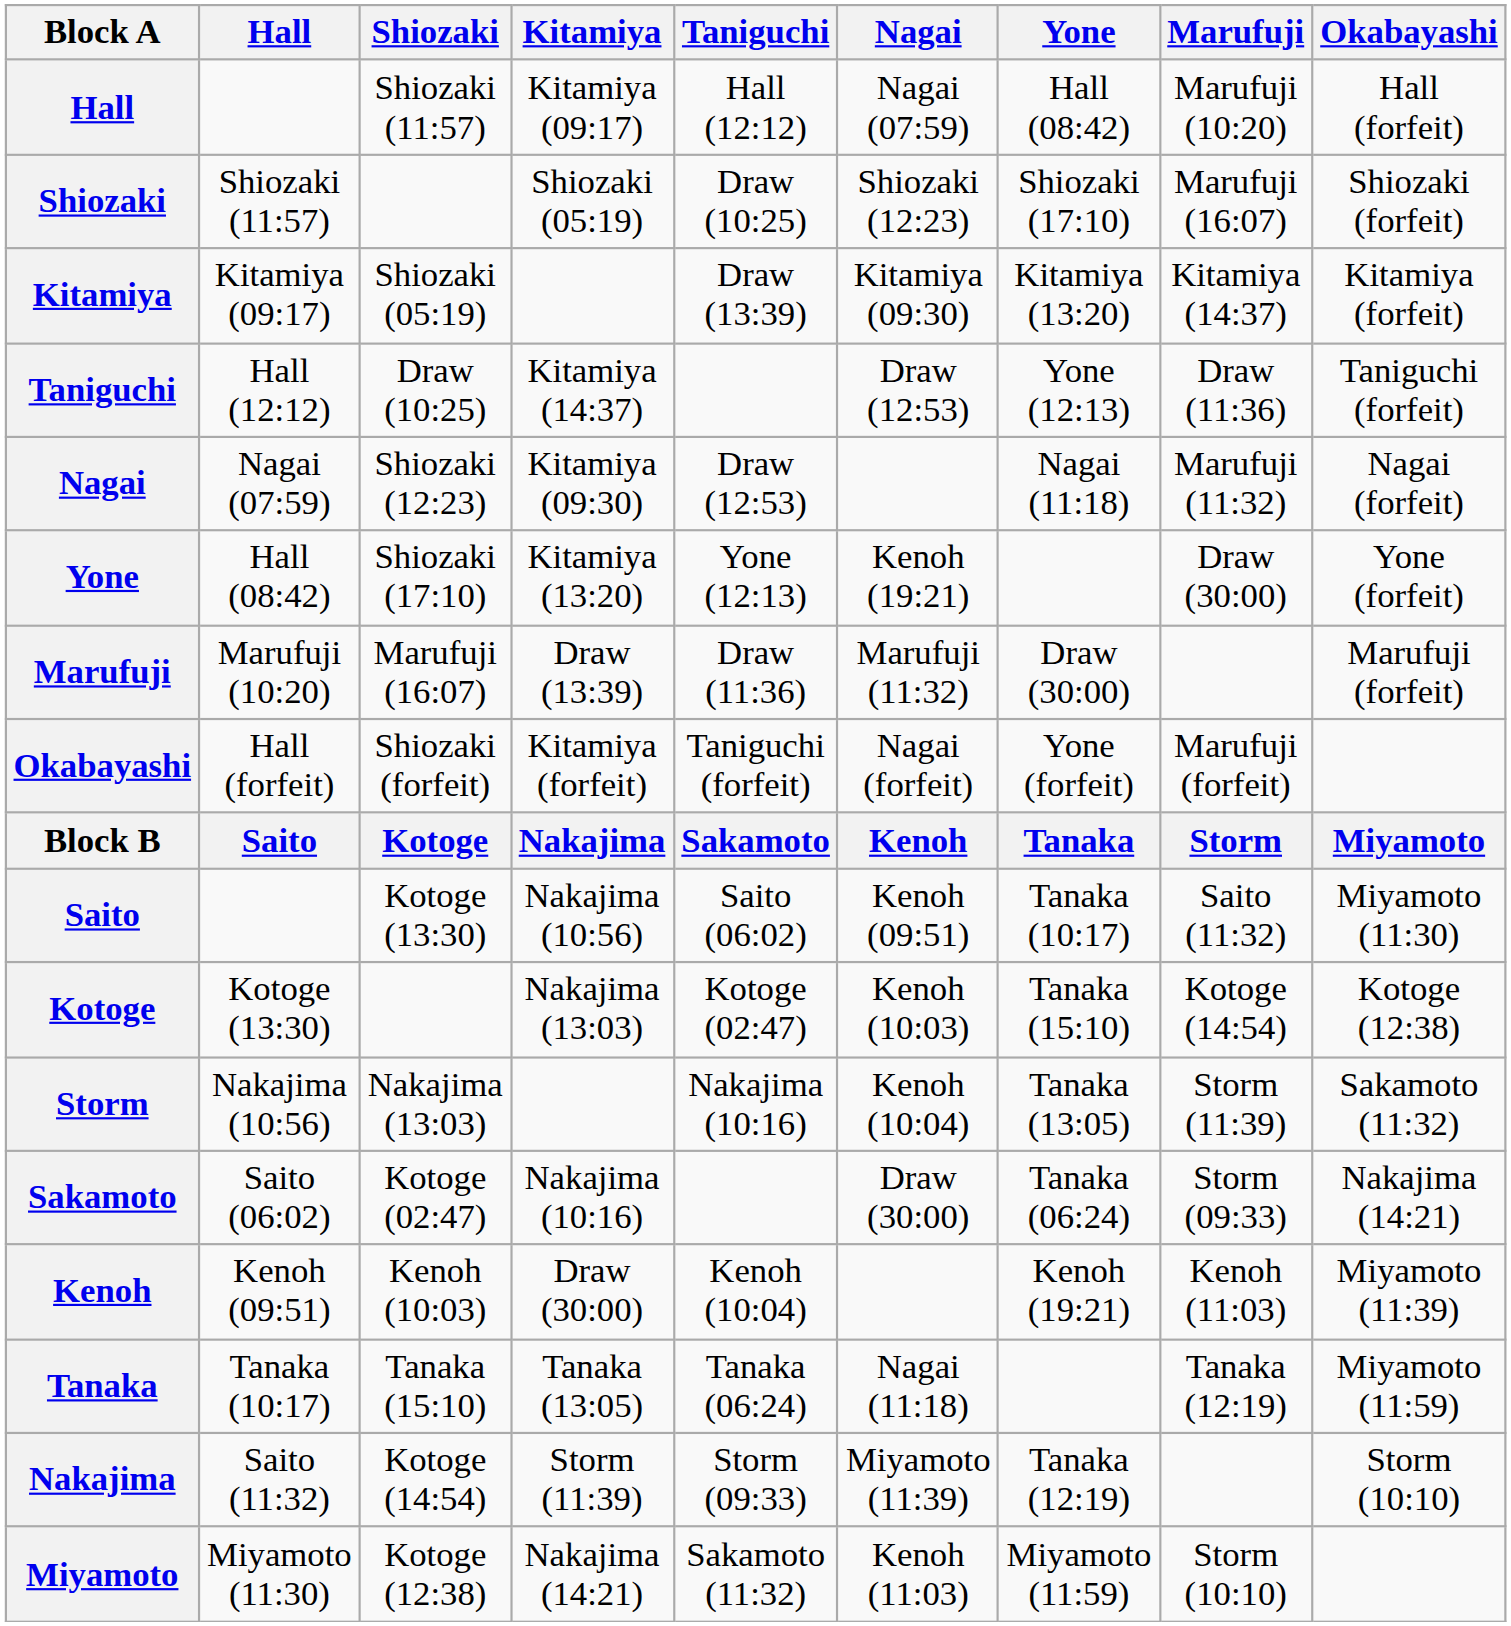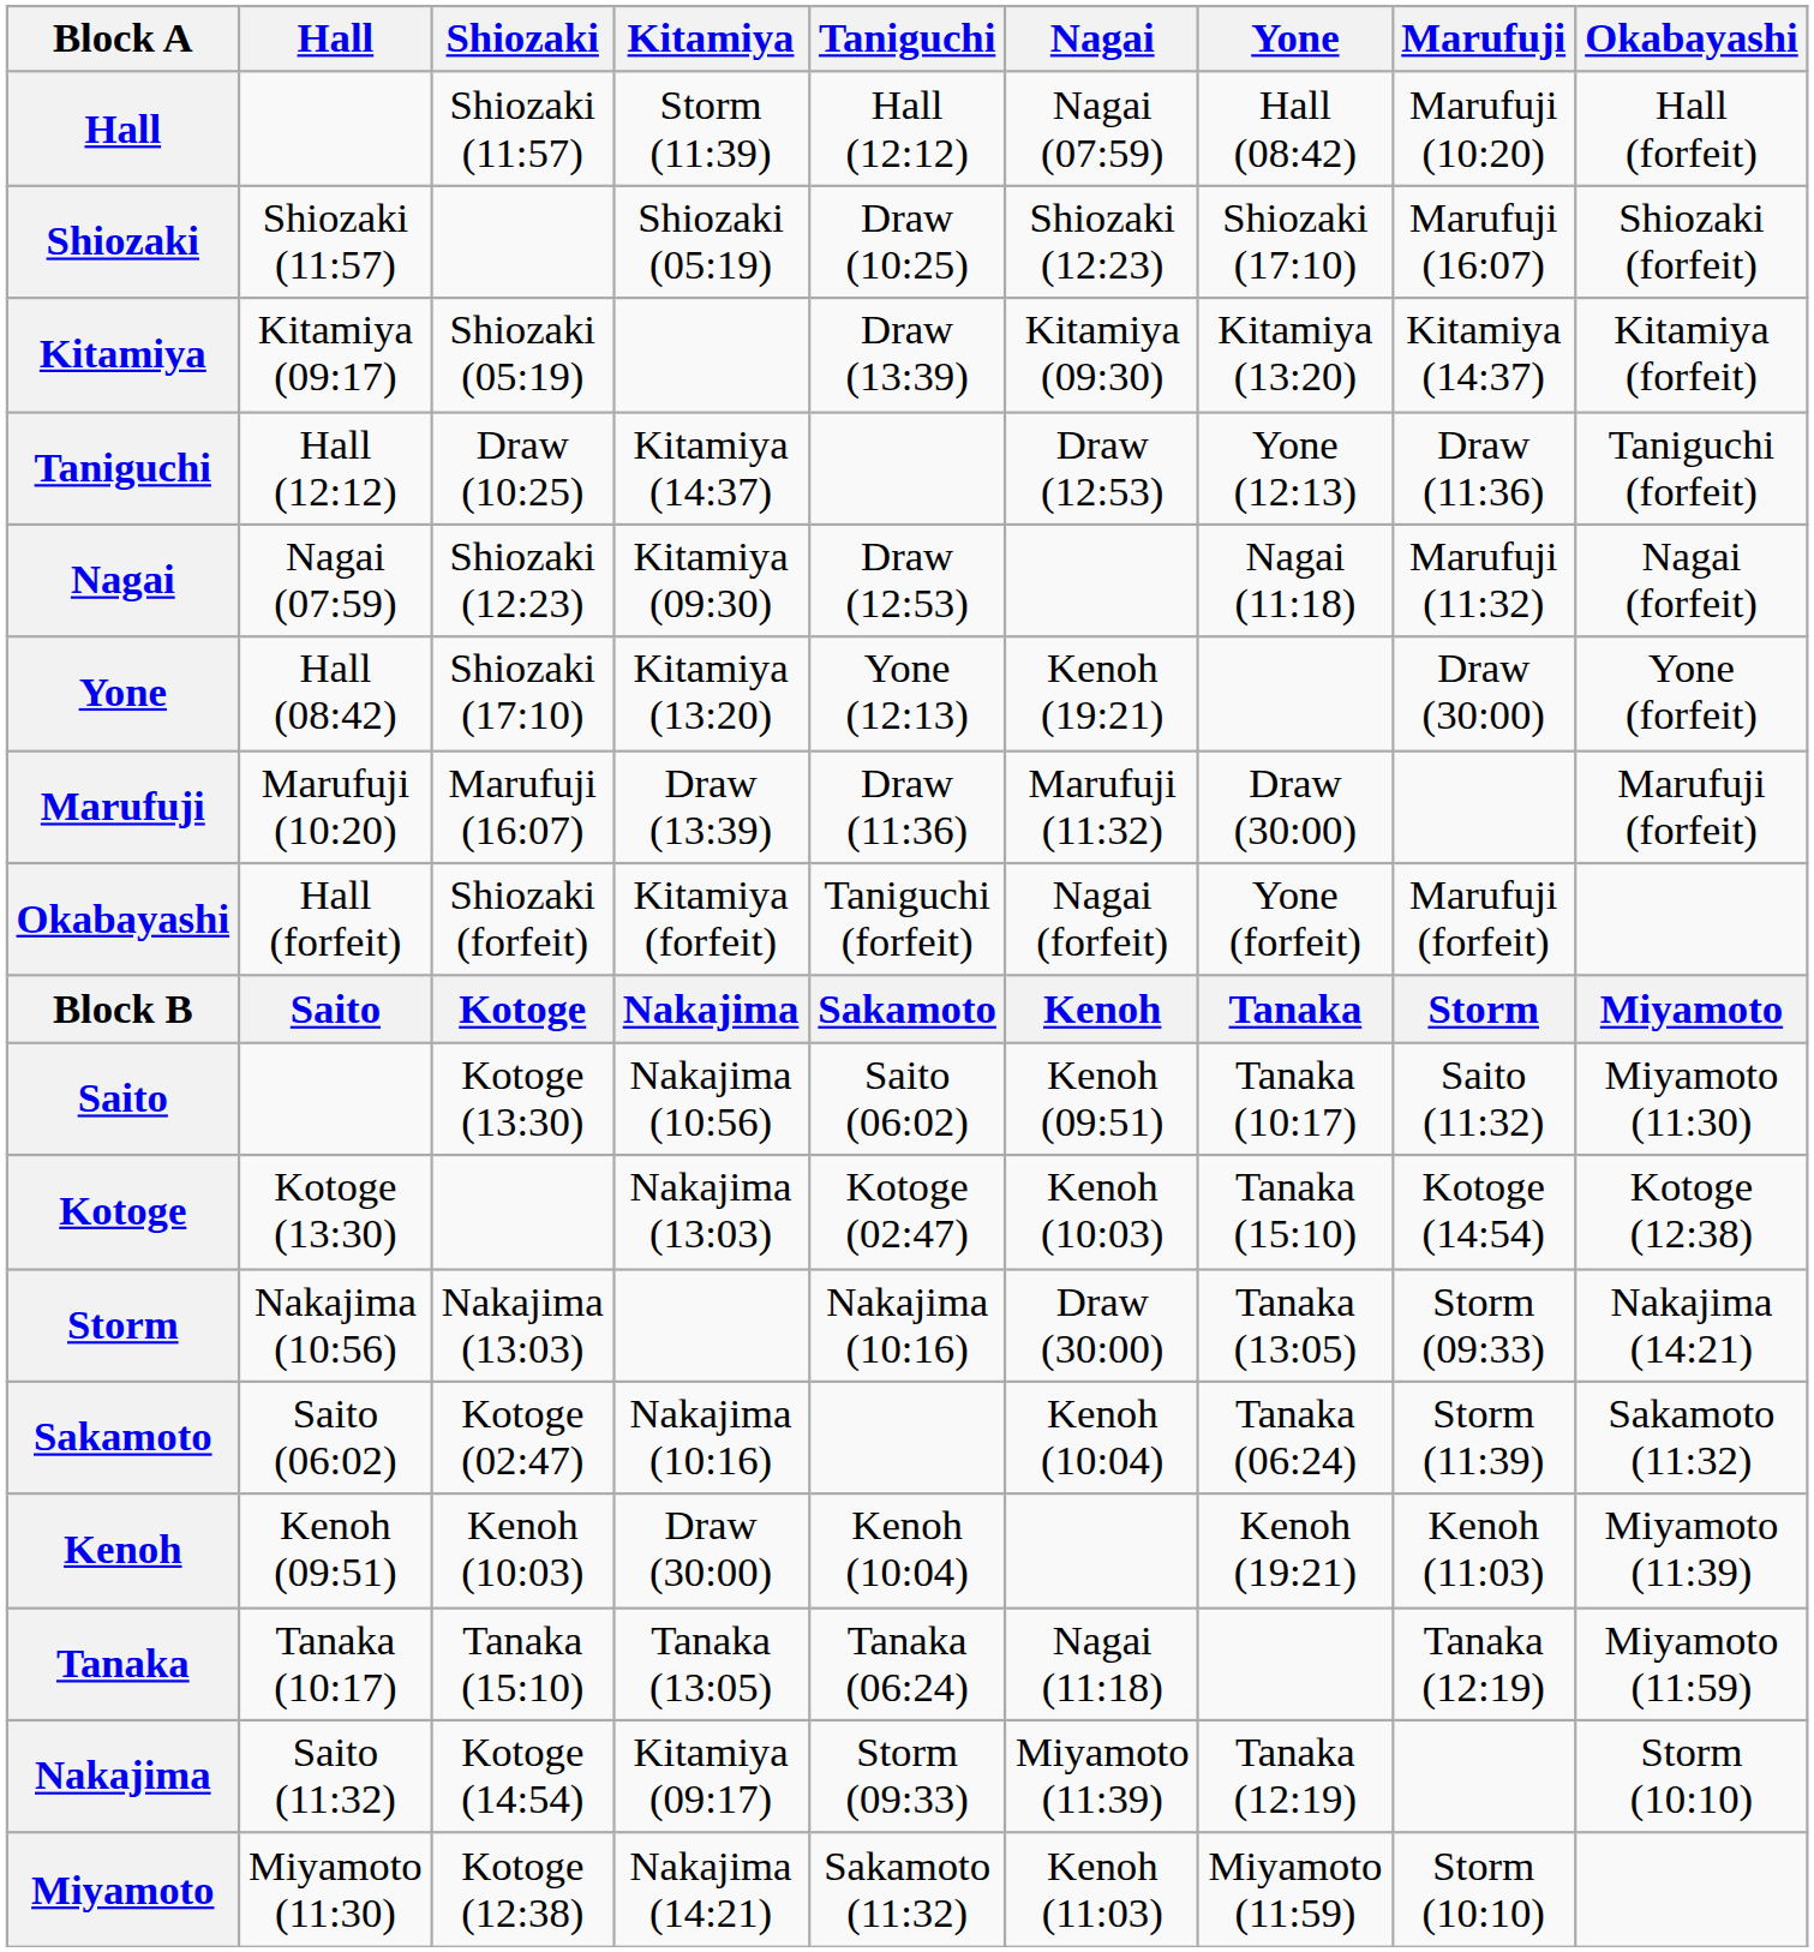 <table class="wikitable" style="margin: 1em auto 1em auto;text-align:center">
 <tr>
 <th>Block A</th>
 <th><a href='#'>Hall</a></th>
 <th><a href='#'>Shiozaki</a></th>
 <th><a href='#'>Kitamiya</a></th>
 <th><a href='#'>Taniguchi</a></th>
 <th><a href='#'>Nagai</a></th>
 <th><a href='#'>Yone</a></th>
 <th><a href='#'>Marufuji</a></th>
 <th><a href='#'>Okabayashi</a></th>
 </tr>
 <tr>
 <th><a href='#'>Hall</a></th>
 <td></td>
 <td>Shiozaki<br>(11:57)</td>
-<td>Kitamiya<br>(09:17)</td>
+<td>Storm<br>(11:39)</td>
 <td>Hall<br>(12:12)</td>
 <td>Nagai<br>(07:59)</td>
 <td>Hall<br>(08:42)</td>
 <td>Marufuji<br>(10:20)</td>
 <td>Hall<br>(forfeit)</td>
 </tr>
 <tr>
 <th><a href='#'>Shiozaki</a></th>
 <td>Shiozaki<br>(11:57)</td>
 <td></td>
 <td>Shiozaki<br>(05:19)</td>
 <td>Draw<br>(10:25)</td>
 <td>Shiozaki<br>(12:23)</td>
 <td>Shiozaki<br>(17:10)</td>
 <td>Marufuji<br>(16:07)</td>
 <td>Shiozaki<br>(forfeit)</td>
 </tr>
 <tr>
 <th><a href='#'>Kitamiya</a></th>
 <td>Kitamiya<br>(09:17)</td>
 <td>Shiozaki<br>(05:19)</td>
 <td></td>
 <td>Draw<br>(13:39)</td>
 <td>Kitamiya<br>(09:30)</td>
 <td>Kitamiya<br>(13:20)</td>
 <td>Kitamiya<br>(14:37)</td>
 <td>Kitamiya<br>(forfeit)</td>
 </tr>
 <tr>
 <th><a href='#'>Taniguchi</a></th>
 <td>Hall<br>(12:12)</td>
 <td>Draw<br>(10:25)</td>
 <td>Kitamiya<br>(14:37)</td>
 <td></td>
 <td>Draw<br>(12:53)</td>
 <td>Yone<br>(12:13)</td>
 <td>Draw<br>(11:36)</td>
 <td>Taniguchi<br>(forfeit)</td>
 </tr>
 <tr>
 <th><a href='#'>Nagai</a></th>
 <td>Nagai<br>(07:59)</td>
 <td>Shiozaki<br>(12:23)</td>
 <td>Kitamiya<br>(09:30)</td>
 <td>Draw<br>(12:53)</td>
 <td></td>
 <td>Nagai<br>(11:18)</td>
 <td>Marufuji <br>(11:32)</td>
 <td>Nagai<br>(forfeit)</td>
 </tr>
 <tr>
 <th><a href='#'>Yone</a></th>
 <td>Hall<br>(08:42)</td>
 <td>Shiozaki<br>(17:10)</td>
 <td>Kitamiya<br>(13:20)</td>
 <td>Yone<br>(12:13)</td>
 <td>Kenoh<br>(19:21)</td>
 <td></td>
 <td>Draw<br>(30:00)</td>
 <td>Yone<br>(forfeit)</td>
 </tr>
 <tr>
 <th><a href='#'>Marufuji</a></th>
 <td>Marufuji<br>(10:20)</td>
 <td>Marufuji<br>(16:07)</td>
 <td>Draw<br>(13:39)</td>
 <td>Draw<br>(11:36)</td>
 <td>Marufuji <br>(11:32)</td>
 <td>Draw<br>(30:00)</td>
 <td></td>
 <td>Marufuji<br>(forfeit)</td>
 </tr>
 <tr>
 <th><a href='#'>Okabayashi</a></th>
 <td>Hall<br>(forfeit)</td>
 <td>Shiozaki<br>(forfeit)</td>
 <td>Kitamiya<br>(forfeit)</td>
 <td>Taniguchi<br>(forfeit)</td>
 <td>Nagai<br>(forfeit)</td>
 <td>Yone<br>(forfeit)</td>
 <td>Marufuji<br>(forfeit)</td>
 <td></td>
 </tr>
 <tr>
 <th>Block B</th>
 <th><a href='#'>Saito</a></th>
 <th><a href='#'>Kotoge</a></th>
 <th><a href='#'>Nakajima</a></th>
 <th><a href='#'>Sakamoto</a></th>
 <th><a href='#'>Kenoh</a></th>
 <th><a href='#'>Tanaka</a></th>
 <th><a href='#'>Storm</a></th>
 <th><a href='#'>Miyamoto</a></th>
 </tr>
 <tr>
 <th><a href='#'>Saito</a></th>
 <td></td>
 <td>Kotoge<br>(13:30)</td>
 <td>Nakajima<br>(10:56)</td>
 <td>Saito<br>(06:02)</td>
 <td>Kenoh<br>(09:51)</td>
 <td>Tanaka<br>(10:17)</td>
 <td>Saito<br>(11:32)</td>
 <td>Miyamoto<br>(11:30)</td>
 </tr>
 <tr>
 <th><a href='#'>Kotoge</a></th>
 <td>Kotoge<br>(13:30)</td>
 <td></td>
 <td>Nakajima<br>(13:03)</td>
 <td>Kotoge<br>(02:47)</td>
 <td>Kenoh<br>(10:03)</td>
 <td>Tanaka<br>(15:10)</td>
 <td>Kotoge<br>(14:54)</td>
 <td>Kotoge<br>(12:38)</td>
 </tr>
 <tr>
 <th><a href='#'>Storm</a></th>
 <td>Nakajima<br>(10:56)</td>
 <td>Nakajima<br>(13:03)</td>
 <td></td>
 <td>Nakajima<br>(10:16)</td>
-<td>Kenoh<br>(10:04)</td>
+<td>Draw<br>(30:00)</td>
 <td>Tanaka<br>(13:05)</td>
-<td>Storm<br>(11:39)</td>
-<td>Sakamoto<br>(11:32)</td>
+<td>Storm<br>(09:33)</td>
+<td>Nakajima<br>(14:21)</td>
 </tr>
 <tr>
 <th><a href='#'>Sakamoto</a></th>
 <td>Saito<br>(06:02)</td>
 <td>Kotoge<br>(02:47)</td>
 <td>Nakajima<br>(10:16)</td>
 <td></td>
-<td>Draw<br>(30:00)</td>
+<td>Kenoh<br>(10:04)</td>
 <td>Tanaka<br>(06:24)</td>
-<td>Storm<br>(09:33)</td>
-<td>Nakajima<br>(14:21)</td>
+<td>Storm<br>(11:39)</td>
+<td>Sakamoto<br>(11:32)</td>
 </tr>
 <tr>
 <th><a href='#'>Kenoh</a></th>
 <td>Kenoh<br>(09:51)</td>
 <td>Kenoh<br>(10:03)</td>
 <td>Draw<br>(30:00)</td>
 <td>Kenoh<br>(10:04)</td>
 <td></td>
 <td>Kenoh<br>(19:21)</td>
 <td>Kenoh<br>(11:03)</td>
 <td>Miyamoto<br>(11:39)</td>
 </tr>
 <tr>
 <th><a href='#'>Tanaka</a></th>
 <td>Tanaka<br>(10:17)</td>
 <td>Tanaka<br>(15:10)</td>
 <td>Tanaka<br>(13:05)</td>
 <td>Tanaka<br>(06:24)</td>
 <td>Nagai<br>(11:18)</td>
 <td></td>
 <td>Tanaka<br>(12:19)</td>
 <td>Miyamoto<br>(11:59)</td>
 </tr>
 <tr>
 <th><a href='#'>Nakajima</a></th>
 <td>Saito<br>(11:32)</td>
 <td>Kotoge<br>(14:54)</td>
-<td>Storm<br>(11:39)</td>
+<td>Kitamiya<br>(09:17)</td>
 <td>Storm<br>(09:33)</td>
 <td>Miyamoto<br>(11:39)</td>
 <td>Tanaka<br>(12:19)</td>
 <td></td>
 <td>Storm<br>(10:10)</td>
 </tr>
 <tr>
 <th><a href='#'>Miyamoto</a></th>
 <td>Miyamoto<br>(11:30)</td>
 <td>Kotoge<br>(12:38)</td>
 <td>Nakajima<br>(14:21)</td>
 <td>Sakamoto<br>(11:32)</td>
 <td>Kenoh<br>(11:03)</td>
 <td>Miyamoto<br>(11:59)</td>
 <td>Storm<br>(10:10)</td>
 <td></td>
 </tr>
 </table>
